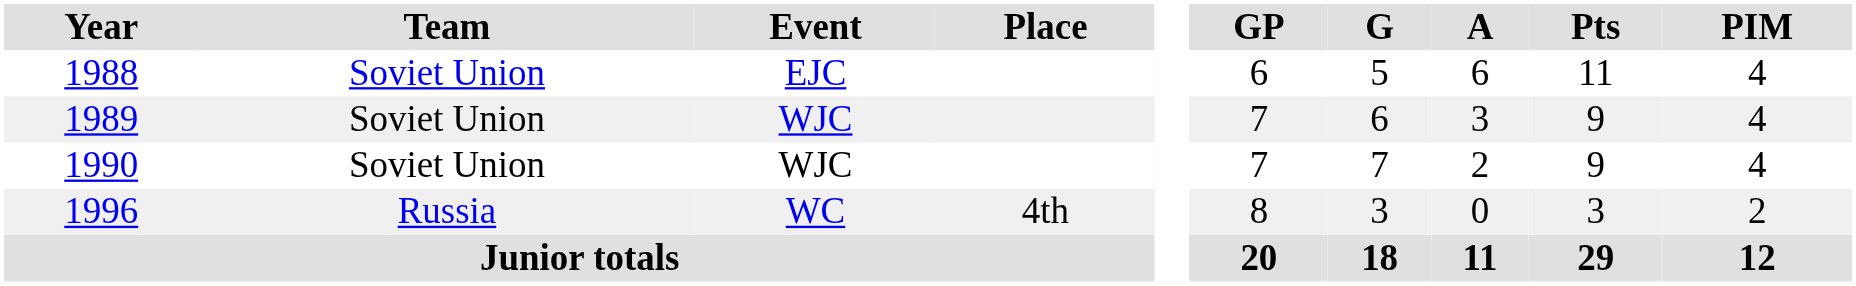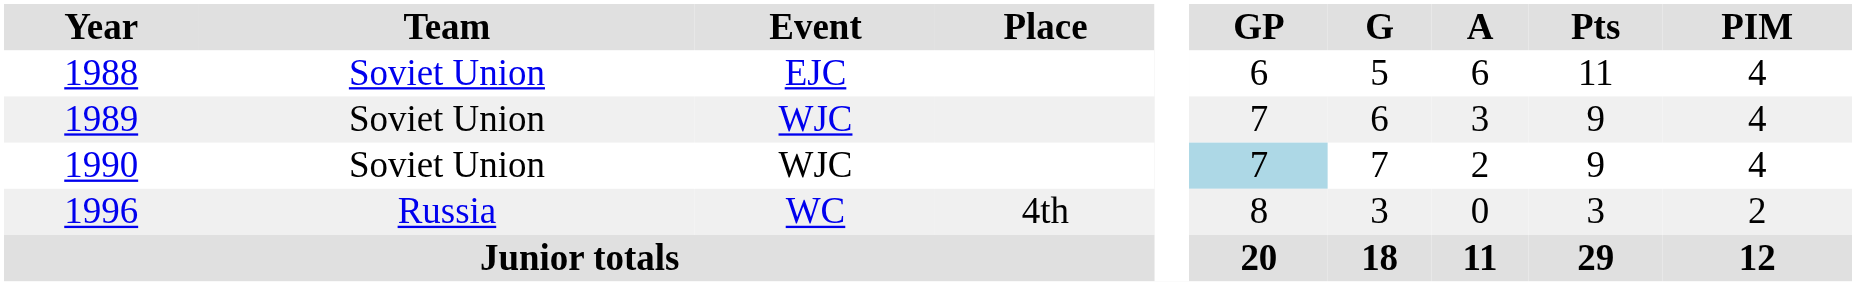 <table border="0" cellpadding="1" cellspacing="0" style="text-align:center; width:50em">
 <tr ALIGN="center" bgcolor="#e0e0e0">
 <th>Year</th>
 <th>Team</th>
 <th>Event</th>
 <th>Place</th>
 <th ALIGN="center" rowspan="99" bgcolor="#ffffff"> </th>
 <th>GP</th>
 <th>G</th>
 <th>A</th>
 <th>Pts</th>
 <th>PIM</th>
 </tr>
 <tr>
 <td><a href='#'>1988</a></td>
 <td><a href='#'>Soviet Union</a></td>
 <td><a href='#'>EJC</a></td>
 <td></td>
 <td>6</td>
 <td>5</td>
 <td>6</td>
 <td>11</td>
 <td>4</td>
 </tr>
 <tr bgcolor="#f0f0f0">
 <td><a href='#'>1989</a></td>
 <td>Soviet Union</td>
 <td><a href='#'>WJC</a></td>
 <td></td>
 <td>7</td>
 <td>6</td>
 <td>3</td>
 <td>9</td>
 <td>4</td>
 </tr>
 <tr>
 <td><a href='#'>1990</a></td>
 <td>Soviet Union</td>
 <td>WJC</td>
 <td></td>
-<td>7</td>
+<td style="background: lightblue;">7</td>
 <td>7</td>
 <td>2</td>
 <td>9</td>
 <td>4</td>
 </tr>
 <tr bgcolor="#f0f0f0">
 <td><a href='#'>1996</a></td>
 <td><a href='#'>Russia</a></td>
 <td><a href='#'>WC</a></td>
 <td>4th</td>
 <td>8</td>
 <td>3</td>
 <td>0</td>
 <td>3</td>
 <td>2</td>
 </tr>
 <tr bgcolor="#e0e0e0">
 <th colspan=4>Junior totals</th>
 <th>20</th>
 <th>18</th>
 <th>11</th>
 <th>29</th>
 <th>12</th>
 </tr>
 </table>
